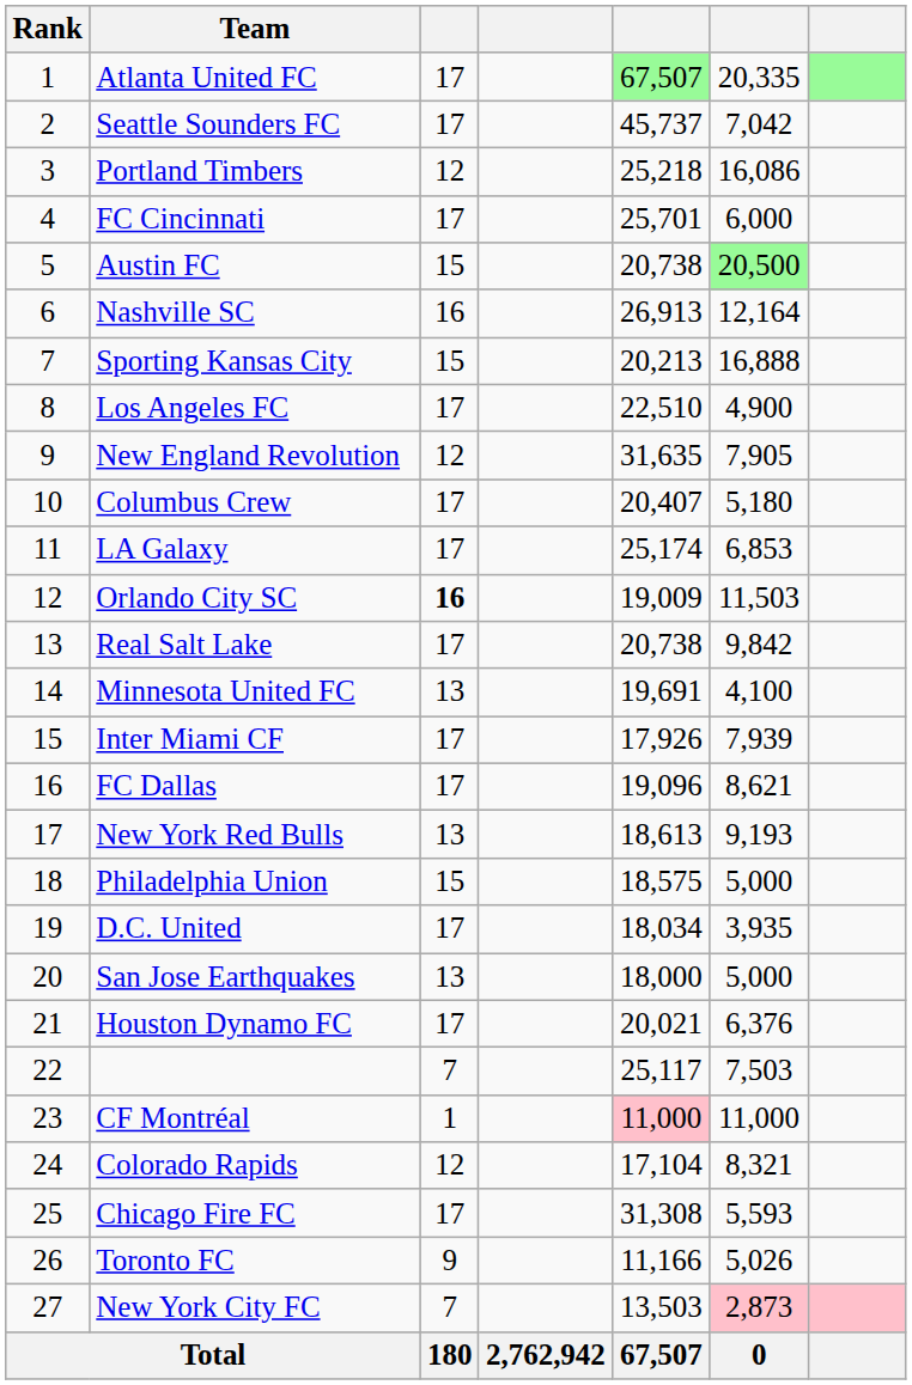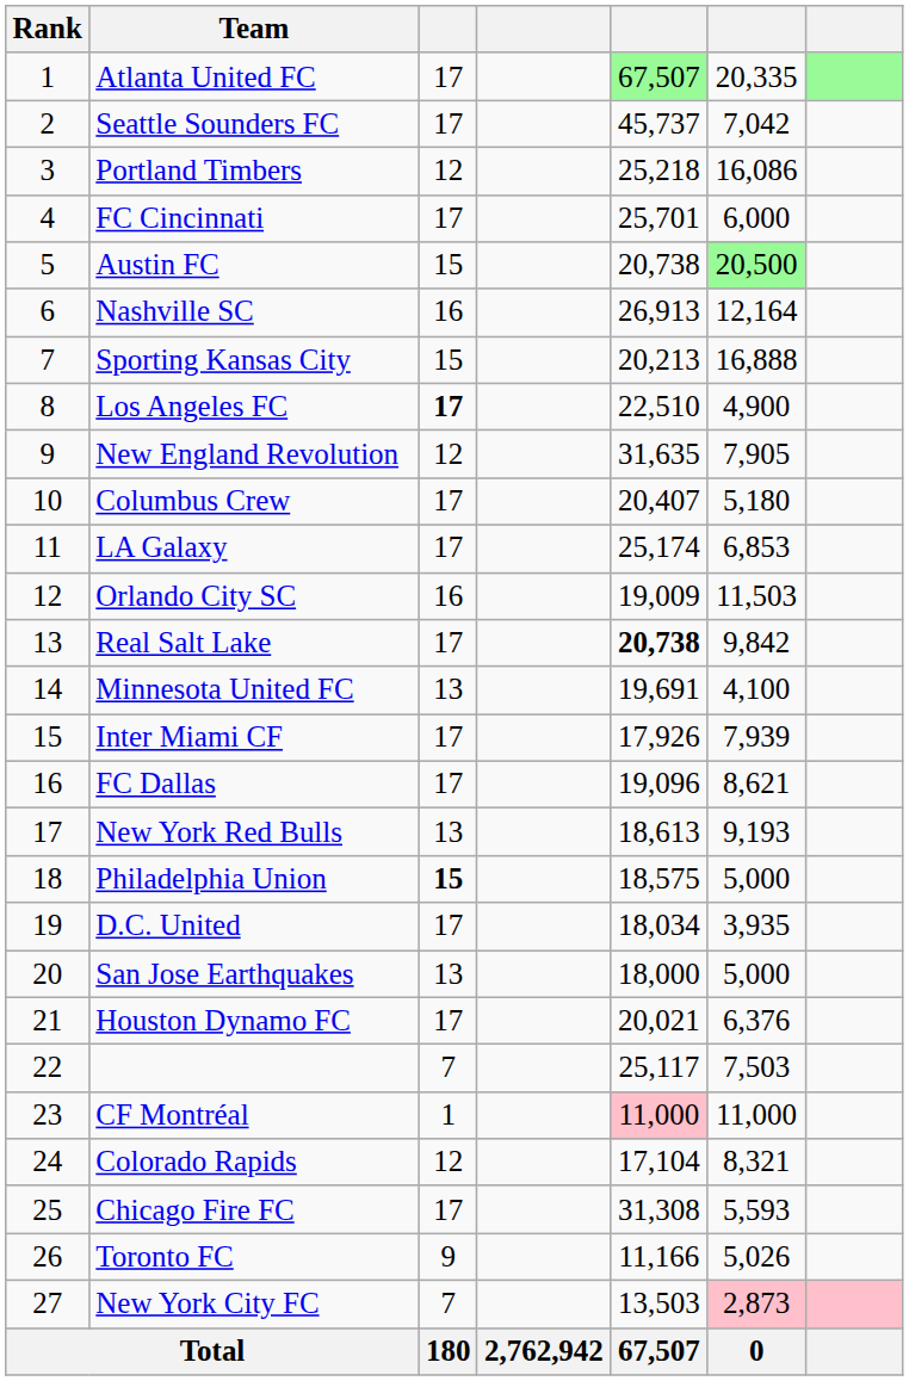 <table class="wikitable sortable" style=text-align:center>
 <tr>
 <th width=25>Rank</th>
 <th width=170>Team</th>
 <th></th>
 <th width=45></th>
 <th width=45></th>
 <th width=45></th>
 <th width=45></th>
 </tr>
 <tr>
 <td>1</td>
 <td align=left><a href='#'>Atlanta United FC</a></td>
 <td>17</td>
 <td></td>
 <td bgcolor="#98fb98">67,507</td>
 <td>20,335</td>
 <td bgcolor="#98fb98"></td>
 </tr>
 <tr>
 <td>2</td>
 <td align=left><a href='#'>Seattle Sounders FC</a></td>
 <td>17</td>
 <td></td>
 <td>45,737</td>
 <td>7,042</td>
 <td></td>
 </tr>
 <tr>
 <td>3</td>
 <td align=left><a href='#'>Portland Timbers</a></td>
 <td>12</td>
 <td></td>
 <td>25,218</td>
 <td>16,086</td>
 <td></td>
 </tr>
 <tr>
 <td>4</td>
 <td align=left><a href='#'>FC Cincinnati</a></td>
 <td>17</td>
 <td></td>
 <td>25,701</td>
 <td>6,000</td>
 <td></td>
 </tr>
 <tr>
 <td>5</td>
 <td align=left><a href='#'>Austin FC</a></td>
 <td>15</td>
 <td></td>
 <td>20,738</td>
 <td bgcolor="#98fb98">20,500</td>
 <td></td>
 </tr>
 <tr>
 <td>6</td>
 <td align=left><a href='#'>Nashville SC</a></td>
 <td>16</td>
 <td></td>
 <td>26,913</td>
 <td>12,164</td>
 <td></td>
 </tr>
 <tr>
 <td>7</td>
 <td align=left><a href='#'>Sporting Kansas City</a></td>
 <td>15</td>
 <td></td>
 <td>20,213</td>
 <td>16,888</td>
 <td></td>
 </tr>
 <tr>
 <td>8</td>
 <td align=left><a href='#'>Los Angeles FC</a></td>
-<td>17</td>
+<td><strong>17</strong></td>
 <td></td>
 <td>22,510</td>
 <td>4,900</td>
 <td></td>
 </tr>
 <tr>
 <td>9</td>
 <td align=left><a href='#'>New England Revolution</a></td>
 <td>12</td>
 <td></td>
 <td>31,635</td>
 <td>7,905</td>
 <td></td>
 </tr>
 <tr>
 <td>10</td>
 <td align=left><a href='#'>Columbus Crew</a></td>
 <td>17</td>
 <td></td>
 <td>20,407</td>
 <td>5,180</td>
 <td></td>
 </tr>
 <tr>
 <td>11</td>
 <td align=left><a href='#'>LA Galaxy</a></td>
 <td>17</td>
 <td></td>
 <td>25,174</td>
 <td>6,853</td>
 <td></td>
 </tr>
 <tr>
 <td>12</td>
 <td align=left><a href='#'>Orlando City SC</a></td>
-<td><strong>16</strong></td>
+<td>16</td>
 <td></td>
 <td>19,009</td>
 <td>11,503</td>
 <td></td>
 </tr>
 <tr>
 <td>13</td>
 <td align=left><a href='#'>Real Salt Lake</a></td>
 <td>17</td>
 <td></td>
-<td>20,738</td>
+<td><strong>20,738</strong></td>
 <td>9,842</td>
 <td></td>
 </tr>
 <tr>
 <td>14</td>
 <td align=left><a href='#'>Minnesota United FC</a></td>
 <td>13</td>
 <td></td>
 <td>19,691</td>
 <td>4,100</td>
 <td></td>
 </tr>
 <tr>
 <td>15</td>
 <td align=left><a href='#'>Inter Miami CF</a></td>
 <td>17</td>
 <td></td>
 <td>17,926</td>
 <td>7,939</td>
 <td></td>
 </tr>
 <tr>
 <td>16</td>
 <td align=left><a href='#'>FC Dallas</a></td>
 <td>17</td>
 <td></td>
 <td>19,096</td>
 <td>8,621</td>
 <td></td>
 </tr>
 <tr>
 <td>17</td>
 <td align=left><a href='#'>New York Red Bulls</a></td>
 <td>13</td>
 <td></td>
 <td>18,613</td>
 <td>9,193</td>
 <td></td>
 </tr>
 <tr>
 <td>18</td>
 <td align=left><a href='#'>Philadelphia Union</a></td>
-<td>15</td>
+<td><strong>15</strong></td>
 <td></td>
 <td>18,575</td>
 <td>5,000</td>
 <td></td>
 </tr>
 <tr>
 <td>19</td>
 <td align=left><a href='#'>D.C. United</a></td>
 <td>17</td>
 <td></td>
 <td>18,034</td>
 <td>3,935</td>
 <td></td>
 </tr>
 <tr>
 <td>20</td>
 <td align=left><a href='#'>San Jose Earthquakes</a></td>
 <td>13</td>
 <td></td>
 <td>18,000</td>
 <td>5,000</td>
 <td></td>
 </tr>
 <tr>
 <td>21</td>
 <td align=left><a href='#'>Houston Dynamo FC</a></td>
 <td>17</td>
 <td></td>
 <td>20,021</td>
 <td>6,376</td>
 <td></td>
 </tr>
 <tr>
 <td>22</td>
 <td align=left></td>
 <td>7</td>
 <td></td>
 <td>25,117</td>
 <td>7,503</td>
 <td></td>
 </tr>
 <tr>
 <td>23</td>
 <td align=left><a href='#'>CF Montréal</a></td>
 <td>1</td>
 <td></td>
 <td bgcolor="#ffc0cb">11,000</td>
 <td>11,000</td>
 <td></td>
 </tr>
 <tr>
 <td>24</td>
 <td align=left><a href='#'>Colorado Rapids</a></td>
 <td>12</td>
 <td></td>
 <td>17,104</td>
 <td>8,321</td>
 <td></td>
 </tr>
 <tr>
 <td>25</td>
 <td align=left><a href='#'>Chicago Fire FC</a></td>
 <td>17</td>
 <td></td>
 <td>31,308</td>
 <td>5,593</td>
 <td></td>
 </tr>
 <tr>
 <td>26</td>
 <td align=left><a href='#'>Toronto FC</a></td>
 <td>9</td>
 <td></td>
 <td>11,166</td>
 <td>5,026</td>
 <td></td>
 </tr>
 <tr>
 <td>27</td>
 <td align=left><a href='#'>New York City FC</a></td>
 <td>7</td>
 <td></td>
 <td>13,503</td>
 <td bgcolor="#ffc0cb">2,873</td>
 <td bgcolor="#ffc0cb"></td>
 </tr>
 <tr>
 <th colspan=2>Total</th>
 <th>180</th>
 <th>2,762,942</th>
 <th>67,507</th>
 <th>0</th>
 <th></th>
 </tr>
 </table>
